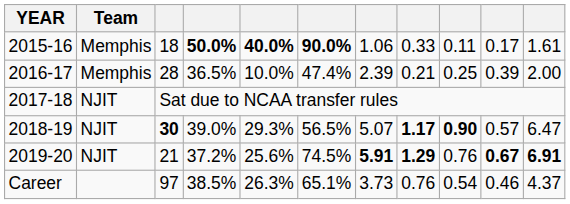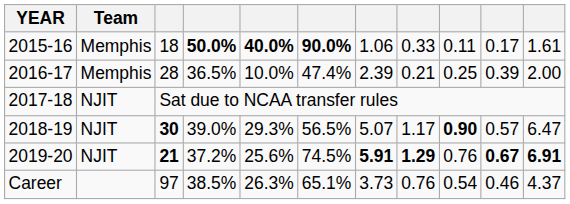 <table class="wikitable">
 <tr>
 <th>YEAR</th>
 <th>Team</th>
 <th scope="col"></th>
 <th scope="col"></th>
 <th scope="col"></th>
 <th scope="col"></th>
 <th scope="col"></th>
 <th scope="col"></th>
 <th scope="col"></th>
 <th scope="col"></th>
 <th scope="col"></th>
 </tr>
 <tr>
 <td>2015-16</td>
 <td>Memphis</td>
 <td>18</td>
 <td><strong>50.0%</strong></td>
 <td><strong>40.0%</strong></td>
 <td><strong>90.0%</strong></td>
 <td>1.06</td>
 <td>0.33</td>
 <td>0.11</td>
 <td>0.17</td>
 <td>1.61</td>
 </tr>
 <tr>
 <td>2016-17</td>
 <td>Memphis</td>
 <td>28</td>
 <td>36.5%</td>
 <td>10.0%</td>
 <td>47.4%</td>
 <td>2.39</td>
 <td>0.21</td>
 <td>0.25</td>
 <td>0.39</td>
 <td>2.00</td>
 </tr>
 <tr>
 <td>2017-18</td>
 <td>NJIT</td>
 <td colspan="9">Sat due to NCAA transfer rules</td>
 </tr>
 <tr>
 <td>2018-19</td>
 <td>NJIT</td>
 <td><strong>30</strong></td>
 <td>39.0%</td>
 <td>29.3%</td>
 <td>56.5%</td>
 <td>5.07</td>
-<td><strong>1.17</strong></td>
+<td>1.17</td>
 <td><strong>0.90</strong></td>
 <td>0.57</td>
 <td>6.47</td>
 </tr>
 <tr>
 <td>2019-20</td>
 <td>NJIT</td>
-<td>21</td>
+<td><strong>21</strong></td>
 <td>37.2%</td>
 <td>25.6%</td>
 <td>74.5%</td>
 <td><strong>5.91</strong></td>
 <td><strong>1.29</strong></td>
 <td>0.76</td>
 <td><strong>0.67</strong></td>
 <td><strong>6.91</strong></td>
 </tr>
 <tr>
 <td>Career</td>
 <td></td>
 <td>97</td>
 <td>38.5%</td>
 <td>26.3%</td>
 <td>65.1%</td>
 <td>3.73</td>
 <td>0.76</td>
 <td>0.54</td>
 <td>0.46</td>
 <td>4.37</td>
 </tr>
 </table>
